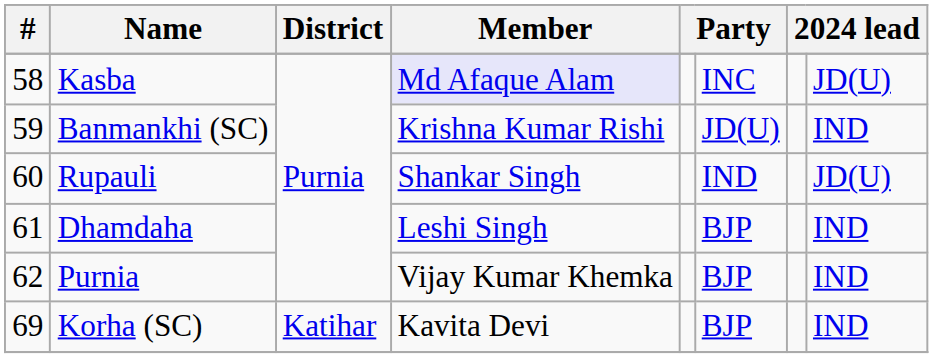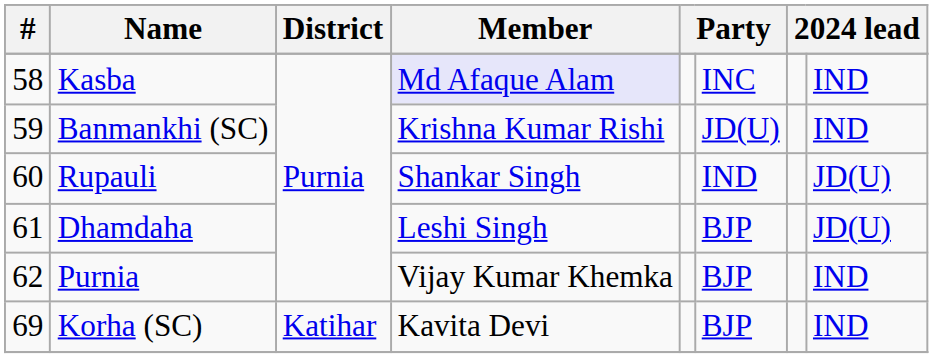 <table class="wikitable">
 <tr>
 <th>#</th>
 <th>Name</th>
 <th>District</th>
 <th>Member</th>
 <th colspan="2">Party</th>
 <th colspan="2">2024 lead</th>
 </tr>
 <tr>
 </tr>
 <tr>
 <td>58</td>
 <td><a href='#'>Kasba</a></td>
 <td rowspan="5"><a href='#'>Purnia</a></td>
 <td style="background: lavender;"><a href='#'>Md Afaque Alam</a></td>
 <td style=background-color:></td>
 <td><a href='#'>INC</a></td>
 <td style="background-color: "></td>
-<td><a href='#'>JD(U)</a></td>
+<td><a href='#'>IND</a></td>
 </tr>
 <tr>
 <td>59</td>
 <td><a href='#'>Banmankhi</a> (SC)</td>
 <td><a href='#'>Krishna Kumar Rishi</a></td>
 <td style=background-color:></td>
 <td><a href='#'>JD(U)</a></td>
 <td style="background-color: "></td>
 <td><a href='#'>IND</a></td>
 </tr>
 <tr>
 <td>60</td>
 <td><a href='#'>Rupauli</a></td>
 <td><a href='#'>Shankar Singh</a></td>
 <td style=background-color:></td>
 <td><a href='#'>IND</a></td>
 <td style="background-color: "></td>
 <td><a href='#'>JD(U)</a></td>
 </tr>
 <tr>
 <td>61</td>
 <td><a href='#'>Dhamdaha</a></td>
 <td><a href='#'>Leshi Singh</a></td>
 <td style=background-color:></td>
 <td><a href='#'>BJP</a></td>
 <td style="background-color: "></td>
-<td><a href='#'>IND</a></td>
+<td><a href='#'>JD(U)</a></td>
 </tr>
 <tr>
 <td>62</td>
 <td><a href='#'>Purnia</a></td>
 <td>Vijay Kumar Khemka</td>
 <td style=background-color:></td>
 <td><a href='#'>BJP</a></td>
 <td style="background-color: "></td>
 <td><a href='#'>IND</a></td>
 </tr>
 <tr>
 <td>69</td>
 <td><a href='#'>Korha</a> (SC)</td>
 <td><a href='#'>Katihar</a></td>
 <td Kavita Devi (politician)>Kavita Devi</td>
 <td style=background-color:></td>
 <td><a href='#'>BJP</a></td>
 <td style="background-color: "></td>
 <td><a href='#'>IND</a></td>
 </tr>
 <tr>
 </tr>
 </table>
